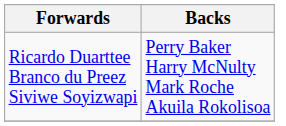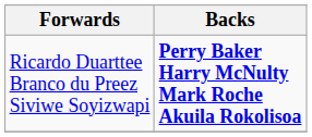 <table class="wikitable sortable">
 <tr>
 </tr>
 <tr>
 <th>Forwards</th>
 <th>Backs</th>
 </tr>
 <tr>
 <td> <a href='#'>Ricardo Duarttee</a> <br>  <a href='#'>Branco du Preez</a> <br>  <a href='#'>Siviwe Soyizwapi</a></td>
-<td> <a href='#'>Perry Baker</a> <br>  <a href='#'>Harry McNulty</a> <br>  <a href='#'>Mark Roche</a> <br>  <a href='#'>Akuila Rokolisoa</a></td>
+<td><strong> <a href='#'>Perry Baker</a> <br>  <a href='#'>Harry McNulty</a> <br>  <a href='#'>Mark Roche</a> <br>  <a href='#'>Akuila Rokolisoa</a></strong></td>
 </tr>
 <tr>
 </tr>
 </table>
